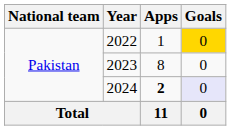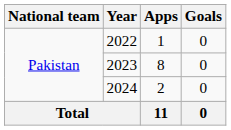 <table class="wikitable" style="text-align: center;">
 <tr>
 <th>National team</th>
 <th>Year</th>
 <th>Apps</th>
 <th>Goals</th>
 </tr>
 <tr>
 <td rowspan="3"><a href='#'>Pakistan</a></td>
 <td>2022</td>
 <td>1</td>
-<td style="background: gold;">0</td>
+<td>0</td>
 </tr>
 <tr>
 <td>2023</td>
 <td>8</td>
 <td>0</td>
 </tr>
 <tr>
 <td>2024</td>
-<td><strong>2</strong></td>
-<td style="background: lavender;">0</td>
+<td>2</td>
+<td>0</td>
 </tr>
 <tr>
 <th colspan="2">Total</th>
 <th>11</th>
 <th>0</th>
 </tr>
 </table>
